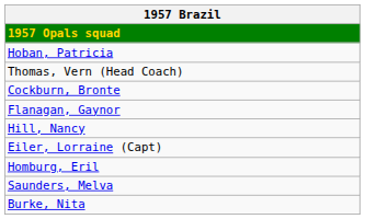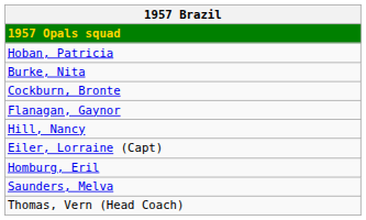 <table class="wikitable collapsible autocollapse" width=25%>
 <tr>
 <th>1957 Brazil</th>
 </tr>
 <tr>
 <td bgcolor=green style="color:gold; width:200px"> <strong>1957 Opals squad</strong></td>
 </tr>
 <tr>
 <td><a href='#'>Hoban, Patricia</a></td>
 </tr>
 <tr>
-<td>Thomas, Vern (Head Coach)</td>
+<td><a href='#'>Burke, Nita</a></td>
 </tr>
 <tr>
 <td><a href='#'>Cockburn, Bronte</a></td>
 </tr>
 <tr>
 <td><a href='#'>Flanagan, Gaynor</a></td>
 </tr>
 <tr>
 <td><a href='#'>Hill, Nancy</a></td>
 </tr>
 <tr>
 <td><a href='#'>Eiler, Lorraine</a> (Capt)</td>
 </tr>
 <tr>
 <td><a href='#'>Homburg, Eril</a></td>
 </tr>
 <tr>
 <td><a href='#'>Saunders, Melva</a></td>
 </tr>
 <tr>
-<td><a href='#'>Burke, Nita</a></td>
+<td>Thomas, Vern (Head Coach)</td>
 </tr>
 </table>
